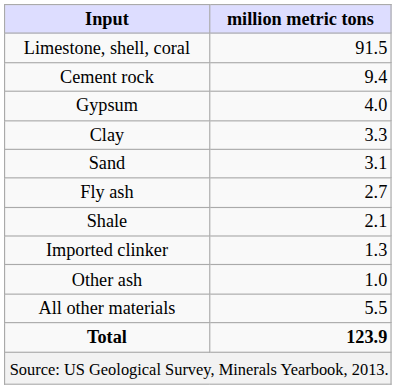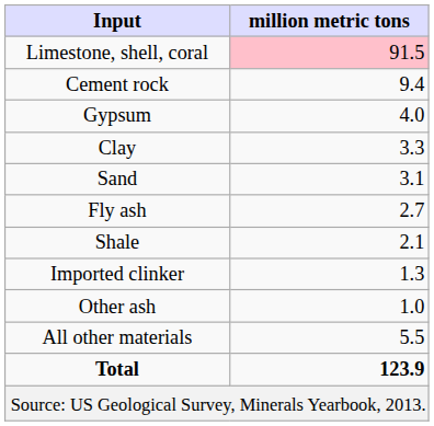 <table class="wikitable sortable sortable">
 <tr>
 <th style="background:#DDDDFF;">Input</th>
 <th style="background:#DDDDFF;">million metric tons</th>
 </tr>
 <tr>
 <td align=center>Limestone, shell, coral</td>
-<td align=right>91.5</td>
+<td align=right style="background: pink;">91.5</td>
 </tr>
 <tr>
 <td align=center>Cement rock</td>
 <td align=right>9.4</td>
 </tr>
 <tr>
 <td align=center>Gypsum</td>
 <td align=right>4.0</td>
 </tr>
 <tr>
 <td align=center>Clay</td>
 <td align=right>3.3</td>
 </tr>
 <tr>
 <td align=center>Sand</td>
 <td align=right>3.1</td>
 </tr>
 <tr>
 <td align=center>Fly ash</td>
 <td align=right>2.7</td>
 </tr>
 <tr>
 <td align=center>Shale</td>
 <td align=right>2.1</td>
 </tr>
 <tr>
 <td align=center>Imported clinker</td>
 <td align=right>1.3</td>
 </tr>
 <tr>
 <td align=center>Other ash</td>
 <td align=right>1.0</td>
 </tr>
 <tr>
 <td align=center>All other materials</td>
 <td align=right>5.5</td>
 </tr>
 <tr>
 <td align=center><strong>Total</strong></td>
 <td align=right><strong>123.9</strong></td>
 </tr>
 <tr>
 <th colspan=3 style="font-weight: normal; font-size: 0.9em; text-align: left; padding: 6px 2px 4px 4px;">Source: US Geological Survey, Minerals Yearbook, 2013.</th>
 </tr>
 </table>
